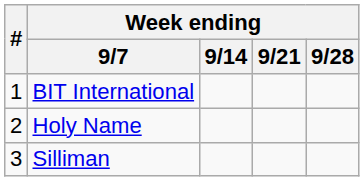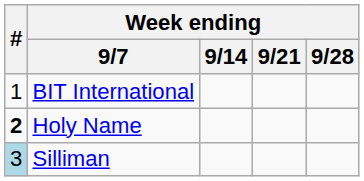 <table class=wikitable style="font-size:92%;">
 <tr>
 <th rowspan=2>#</th>
 <th colspan=9>Week ending</th>
 </tr>
 <tr>
 <th>9/7</th>
 <th>9/14</th>
 <th>9/21</th>
 <th>9/28</th>
 </tr>
 <tr>
 <td>1</td>
 <td><a href='#'>BIT International</a></td>
 <td></td>
 <td></td>
 <td></td>
 </tr>
 <tr>
-<td>2</td>
+<td><strong>2</strong></td>
 <td><a href='#'>Holy Name</a></td>
 <td></td>
 <td></td>
 <td></td>
 </tr>
 <tr>
-<td>3</td>
+<td style="background: lightblue;">3</td>
 <td><a href='#'>Silliman</a></td>
 <td></td>
 <td></td>
 <td></td>
 </tr>
 </table>
